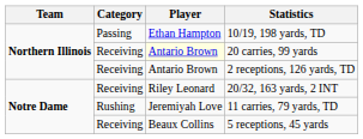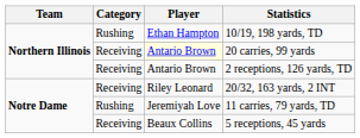 <table class="wikitable" style="float: right;">
 <tr>
 <th>Team</th>
 <th>Category</th>
 <th>Player</th>
 <th>Statistics</th>
 </tr>
 <tr>
 <td rowspan=3><strong>Northern Illinois</strong></td>
-<td>Passing</td>
+<td>Rushing</td>
 <td><a href='#'>Ethan Hampton</a></td>
 <td>10/19, 198 yards, TD</td>
 </tr>
 <tr>
 <td>Receiving</td>
 <td style="background: lightyellow;"><a href='#'>Antario Brown</a></td>
 <td>20 carries, 99 yards</td>
 </tr>
 <tr>
 <td>Receiving</td>
 <td>Antario Brown</td>
 <td>2 receptions, 126 yards, TD</td>
 </tr>
 <tr>
 <td rowspan=3><strong>Notre Dame</strong></td>
 <td>Receiving</td>
 <td>Riley Leonard</td>
 <td>20/32, 163 yards, 2 INT</td>
 </tr>
 <tr>
 <td>Rushing</td>
 <td>Jeremiyah Love</td>
 <td>11 carries, 79 yards, TD</td>
 </tr>
 <tr>
 <td>Receiving</td>
 <td>Beaux Collins</td>
 <td>5 receptions, 45 yards</td>
 </tr>
 </table>
